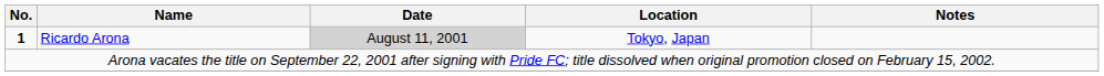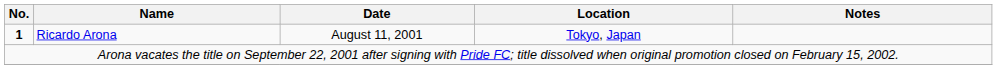 <table class="wikitable"  style="width:99%; text-align:center;">
 <tr>
 <th style="width:1%;">No.</th>
 <th style="width:19%;">Name</th>
 <th style="width:15%;">Date</th>
 <th style="width:20%;">Location</th>
 <th style="width:20%;">Notes</th>
 </tr>
 <tr>
 <td align=center><strong>1</strong></td>
 <td align="left"> <a href='#'>Ricardo Arona</a><br></td>
-<td style="background: lightgrey;">August 11, 2001<br></td>
+<td>August 11, 2001<br></td>
 <td><a href='#'>Tokyo</a>, <a href='#'>Japan</a></td>
 <td></td>
 </tr>
 <tr>
 <td align="center" colspan="5"><em>Arona vacates the title on September 22, 2001 after signing with <a href='#'>Pride FC</a>; title dissolved when original promotion closed on February 15, 2002.</em></td>
 </tr>
 <tr>
 </tr>
 </table>
